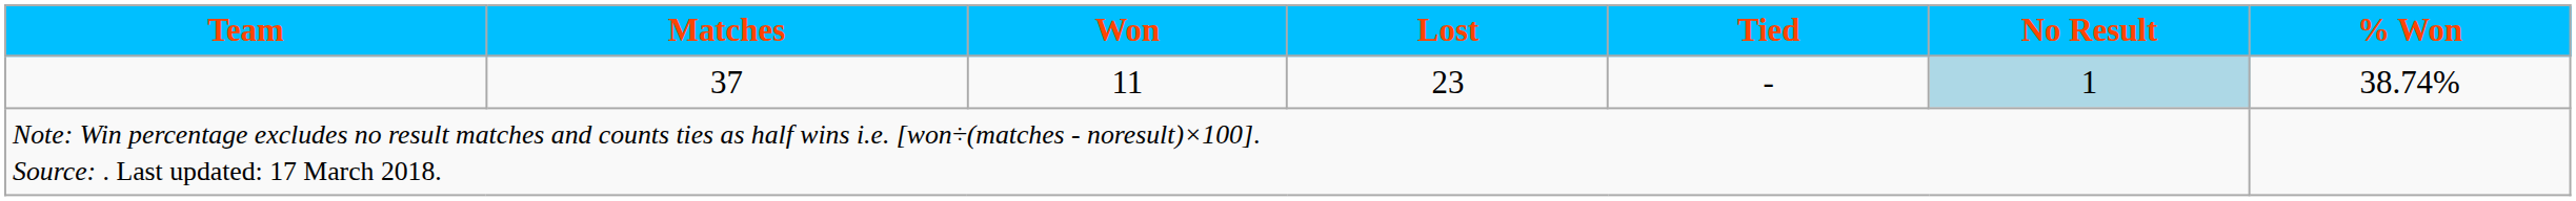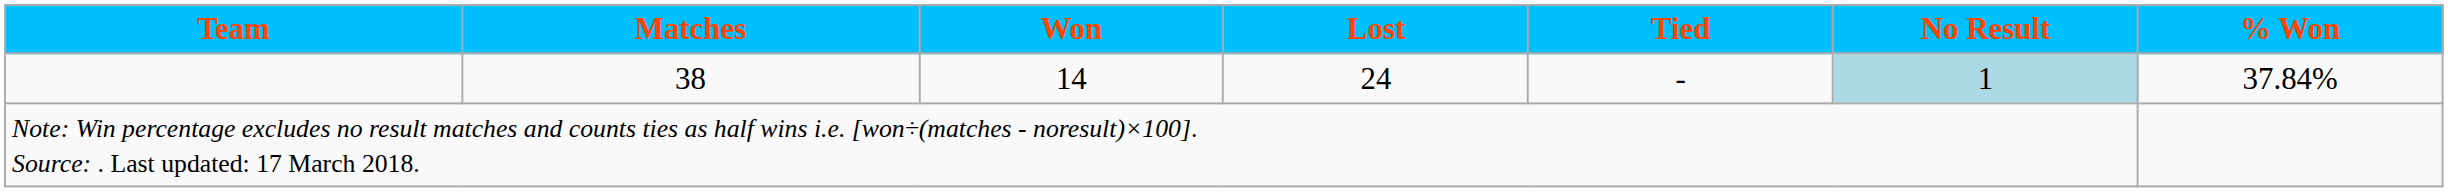 <table style="width:100%; text-align:center;" class="wikitable">
 <tr style="background:#9cf;">
 <th style="background:DeepSkyBlue; color:OrangeRed; width:15%;" scope="col">Team</th>
 <th style="background:DeepSkyBlue; color:OrangeRed; width:15%;" scope="col">Matches</th>
 <th style="background:DeepSkyBlue; color:OrangeRed; width:10%;" scope="col">Won</th>
 <th style="background:DeepSkyBlue; color:OrangeRed; width:10%;" scope="col">Lost</th>
 <th style="background:DeepSkyBlue; color:OrangeRed; width:10%;" scope="col">Tied</th>
 <th style="background:DeepSkyBlue; color:OrangeRed; width:10%;" scope="col">No Result</th>
 <th style="background:DeepSkyBlue; color:OrangeRed; width:10%;" scope="col">% Won</th>
 </tr>
 <tr>
 <td></td>
-<td>37</td>
-<td>11</td>
-<td>23</td>
+<td>38</td>
+<td>14</td>
+<td>24</td>
 <td>-</td>
 <td style="background: lightblue;">1</td>
-<td>38.74%</td>
+<td>37.84%</td>
 </tr>
 <tr style="text-align:left">
 <td colspan="6"><small><em>Note: Win percentage excludes no result matches and counts ties as half wins i.e. [won÷(matches - noresult)×100]</em>.<br><em>Source: </em>. Last updated: 17 March 2018.</small></td>
 <td></td>
 </tr>
 </table>
